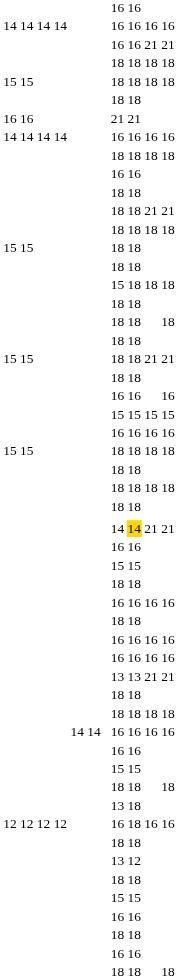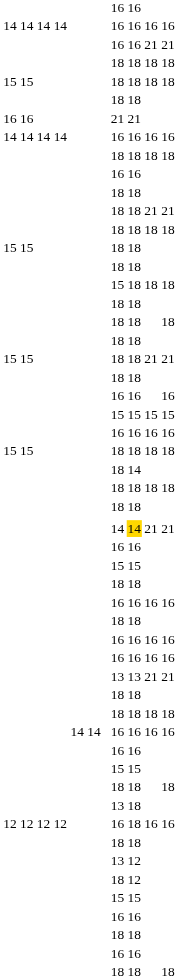 <table>
 <tr>
 </tr>
 <tr>
 <td></td>
 <td></td>
 <td></td>
 <td></td>
 <td></td>
 <td></td>
 <td></td>
 <td></td>
 <td></td>
 <td></td>
 <td>16</td>
 <td>16</td>
 <td></td>
 <td></td>
 <td></td>
 </tr>
 <tr>
 <td></td>
 <td></td>
 <td>14</td>
 <td>14</td>
 <td>14</td>
 <td>14</td>
 <td></td>
 <td></td>
 <td></td>
 <td></td>
 <td>16</td>
 <td>16</td>
 <td>16</td>
 <td>16</td>
 <td></td>
 </tr>
 <tr>
 <td></td>
 <td></td>
 <td></td>
 <td></td>
 <td></td>
 <td></td>
 <td></td>
 <td></td>
 <td></td>
 <td></td>
 <td>16</td>
 <td>16</td>
 <td>21</td>
 <td>21</td>
 <td></td>
 </tr>
 <tr>
 <td></td>
 <td></td>
 <td></td>
 <td></td>
 <td></td>
 <td></td>
 <td></td>
 <td></td>
 <td></td>
 <td></td>
 <td>18</td>
 <td>18</td>
 <td>18</td>
 <td>18</td>
 <td></td>
 </tr>
 <tr>
 <td></td>
 <td></td>
 <td>15</td>
 <td>15</td>
 <td></td>
 <td></td>
 <td></td>
 <td></td>
 <td></td>
 <td></td>
 <td>18</td>
 <td>18</td>
 <td>18</td>
 <td>18</td>
 <td></td>
 </tr>
 <tr>
 <td></td>
 <td></td>
 <td></td>
 <td></td>
 <td></td>
 <td></td>
 <td></td>
 <td></td>
 <td></td>
 <td></td>
 <td>18</td>
 <td>18</td>
 <td></td>
 <td></td>
 <td></td>
 </tr>
 <tr>
 <td></td>
 <td></td>
 <td>16</td>
 <td>16</td>
 <td></td>
 <td></td>
 <td></td>
 <td></td>
 <td></td>
 <td></td>
 <td>21</td>
 <td>21</td>
 <td></td>
 <td></td>
 <td></td>
 </tr>
 <tr>
 <td></td>
 <td></td>
 <td>14</td>
 <td>14</td>
 <td>14</td>
 <td>14</td>
 <td></td>
 <td></td>
 <td></td>
 <td></td>
 <td>16</td>
 <td>16</td>
 <td>16</td>
 <td>16</td>
 <td></td>
 </tr>
 <tr>
 <td></td>
 <td></td>
 <td></td>
 <td></td>
 <td></td>
 <td></td>
 <td></td>
 <td></td>
 <td></td>
 <td></td>
 <td>18</td>
 <td>18</td>
 <td>18</td>
 <td>18</td>
 <td></td>
 </tr>
 <tr>
 <td></td>
 <td></td>
 <td></td>
 <td></td>
 <td></td>
 <td></td>
 <td></td>
 <td></td>
 <td></td>
 <td></td>
 <td>16</td>
 <td>16</td>
 <td></td>
 <td></td>
 <td></td>
 </tr>
 <tr>
 <td></td>
 <td></td>
 <td></td>
 <td></td>
 <td></td>
 <td></td>
 <td></td>
 <td></td>
 <td></td>
 <td></td>
 <td>18</td>
 <td>18</td>
 <td></td>
 <td></td>
 <td></td>
 </tr>
 <tr>
 <td></td>
 <td></td>
 <td></td>
 <td></td>
 <td></td>
 <td></td>
 <td></td>
 <td></td>
 <td></td>
 <td></td>
 <td>18</td>
 <td>18</td>
 <td>21</td>
 <td>21</td>
 <td></td>
 </tr>
 <tr>
 <td></td>
 <td></td>
 <td></td>
 <td></td>
 <td></td>
 <td></td>
 <td></td>
 <td></td>
 <td></td>
 <td></td>
 <td>18</td>
 <td>18</td>
 <td>18</td>
 <td>18</td>
 <td></td>
 </tr>
 <tr>
 <td></td>
 <td></td>
 <td>15</td>
 <td>15</td>
 <td></td>
 <td></td>
 <td></td>
 <td></td>
 <td></td>
 <td></td>
 <td>18</td>
 <td>18</td>
 <td></td>
 <td></td>
 <td></td>
 </tr>
 <tr>
 <td></td>
 <td></td>
 <td></td>
 <td></td>
 <td></td>
 <td></td>
 <td></td>
 <td></td>
 <td></td>
 <td></td>
 <td>18</td>
 <td>18</td>
 <td></td>
 <td></td>
 <td></td>
 </tr>
 <tr>
 <td></td>
 <td></td>
 <td></td>
 <td></td>
 <td></td>
 <td></td>
 <td></td>
 <td></td>
 <td></td>
 <td></td>
 <td>15</td>
 <td>18</td>
 <td>18</td>
 <td>18</td>
 <td></td>
 </tr>
 <tr>
 <td></td>
 <td></td>
 <td></td>
 <td></td>
 <td></td>
 <td></td>
 <td></td>
 <td></td>
 <td></td>
 <td></td>
 <td>18</td>
 <td>18</td>
 <td></td>
 <td></td>
 <td></td>
 </tr>
 <tr>
 <td></td>
 <td></td>
 <td></td>
 <td></td>
 <td></td>
 <td></td>
 <td></td>
 <td></td>
 <td></td>
 <td></td>
 <td>18</td>
 <td>18</td>
 <td></td>
 <td>18</td>
 <td></td>
 </tr>
 <tr>
 <td></td>
 <td></td>
 <td></td>
 <td></td>
 <td></td>
 <td></td>
 <td></td>
 <td></td>
 <td></td>
 <td></td>
 <td>18</td>
 <td>18</td>
 <td></td>
 <td></td>
 <td></td>
 </tr>
 <tr>
 <td></td>
 <td></td>
 <td>15</td>
 <td>15</td>
 <td></td>
 <td></td>
 <td></td>
 <td></td>
 <td></td>
 <td></td>
 <td>18</td>
 <td>18</td>
 <td>21</td>
 <td>21</td>
 <td></td>
 </tr>
 <tr>
 <td></td>
 <td></td>
 <td></td>
 <td></td>
 <td></td>
 <td></td>
 <td></td>
 <td></td>
 <td></td>
 <td></td>
 <td>18</td>
 <td>18</td>
 <td></td>
 <td></td>
 <td></td>
 </tr>
 <tr>
 <td></td>
 <td></td>
 <td></td>
 <td></td>
 <td></td>
 <td></td>
 <td></td>
 <td></td>
 <td></td>
 <td></td>
 <td>16</td>
 <td>16</td>
 <td></td>
 <td>16</td>
 <td></td>
 </tr>
 <tr>
 <td></td>
 <td></td>
 <td></td>
 <td></td>
 <td></td>
 <td></td>
 <td></td>
 <td></td>
 <td></td>
 <td></td>
 <td>15</td>
 <td>15</td>
 <td>15</td>
 <td>15</td>
 <td></td>
 </tr>
 <tr>
 <td></td>
 <td></td>
 <td></td>
 <td></td>
 <td></td>
 <td></td>
 <td></td>
 <td></td>
 <td></td>
 <td></td>
 <td>16</td>
 <td>16</td>
 <td>16</td>
 <td>16</td>
 <td></td>
 </tr>
 <tr>
 <td></td>
 <td></td>
 <td>15</td>
 <td>15</td>
 <td></td>
 <td></td>
 <td></td>
 <td></td>
 <td></td>
 <td></td>
 <td>18</td>
 <td>18</td>
 <td>18</td>
 <td>18</td>
 <td></td>
 </tr>
 <tr>
 <td></td>
 <td></td>
 <td></td>
 <td></td>
 <td></td>
 <td></td>
 <td></td>
 <td></td>
 <td></td>
 <td></td>
 <td>18</td>
-<td>18</td>
+<td>14</td>
 <td></td>
 <td></td>
 <td></td>
 </tr>
 <tr>
 <td></td>
 <td></td>
 <td></td>
 <td></td>
 <td></td>
 <td></td>
 <td></td>
 <td></td>
 <td></td>
 <td></td>
 <td>18</td>
 <td>18</td>
 <td>18</td>
 <td>18</td>
 <td></td>
 </tr>
 <tr>
 <td></td>
 <td></td>
 <td></td>
 <td></td>
 <td></td>
 <td></td>
 <td></td>
 <td></td>
 <td></td>
 <td></td>
 <td>18</td>
 <td>18</td>
 <td></td>
 <td></td>
 <td></td>
 </tr>
 <tr>
 <td></td>
 <td></td>
 <td></td>
 <td></td>
 <td></td>
 <td></td>
 <td></td>
 <td></td>
 <td></td>
 <td></td>
 <td></td>
 <td></td>
 <td></td>
 <td></td>
 <td></td>
 </tr>
 <tr>
 <td></td>
 <td></td>
 <td></td>
 <td></td>
 <td></td>
 <td></td>
 <td></td>
 <td></td>
 <td></td>
 <td></td>
 <td>14</td>
 <td style="background: gold;">14</td>
 <td>21</td>
 <td>21</td>
 <td></td>
 </tr>
 <tr>
 <td></td>
 <td></td>
 <td></td>
 <td></td>
 <td></td>
 <td></td>
 <td></td>
 <td></td>
 <td></td>
 <td></td>
 <td>16</td>
 <td>16</td>
 <td></td>
 <td></td>
 <td></td>
 </tr>
 <tr>
 <td></td>
 <td></td>
 <td></td>
 <td></td>
 <td></td>
 <td></td>
 <td></td>
 <td></td>
 <td></td>
 <td></td>
 <td>15</td>
 <td>15</td>
 <td></td>
 <td></td>
 <td></td>
 </tr>
 <tr>
 <td></td>
 <td></td>
 <td></td>
 <td></td>
 <td></td>
 <td></td>
 <td></td>
 <td></td>
 <td></td>
 <td></td>
 <td>18</td>
 <td>18</td>
 <td></td>
 <td></td>
 <td></td>
 </tr>
 <tr>
 <td></td>
 <td></td>
 <td></td>
 <td></td>
 <td></td>
 <td></td>
 <td></td>
 <td></td>
 <td></td>
 <td></td>
 <td>16</td>
 <td>16</td>
 <td>16</td>
 <td>16</td>
 <td></td>
 </tr>
 <tr>
 <td></td>
 <td></td>
 <td></td>
 <td></td>
 <td></td>
 <td></td>
 <td></td>
 <td></td>
 <td></td>
 <td></td>
 <td>18</td>
 <td>18</td>
 <td></td>
 <td></td>
 <td></td>
 </tr>
 <tr>
 <td></td>
 <td></td>
 <td></td>
 <td></td>
 <td></td>
 <td></td>
 <td></td>
 <td></td>
 <td></td>
 <td></td>
 <td>16</td>
 <td>16</td>
 <td>16</td>
 <td>16</td>
 <td></td>
 </tr>
 <tr>
 <td></td>
 <td></td>
 <td></td>
 <td></td>
 <td></td>
 <td></td>
 <td></td>
 <td></td>
 <td></td>
 <td></td>
 <td>16</td>
 <td>16</td>
 <td>16</td>
 <td>16</td>
 <td></td>
 </tr>
 <tr>
 <td></td>
 <td></td>
 <td></td>
 <td></td>
 <td></td>
 <td></td>
 <td></td>
 <td></td>
 <td></td>
 <td></td>
 <td>13</td>
 <td>13</td>
 <td>21</td>
 <td>21</td>
 <td></td>
 </tr>
 <tr>
 <td></td>
 <td></td>
 <td></td>
 <td></td>
 <td></td>
 <td></td>
 <td></td>
 <td></td>
 <td></td>
 <td></td>
 <td>18</td>
 <td>18</td>
 <td></td>
 <td></td>
 <td></td>
 </tr>
 <tr>
 <td></td>
 <td></td>
 <td></td>
 <td></td>
 <td></td>
 <td></td>
 <td></td>
 <td></td>
 <td></td>
 <td></td>
 <td>18</td>
 <td>18</td>
 <td>18</td>
 <td>18</td>
 <td></td>
 </tr>
 <tr>
 <td></td>
 <td></td>
 <td></td>
 <td></td>
 <td></td>
 <td></td>
 <td>14</td>
 <td>14</td>
 <td></td>
 <td></td>
 <td>16</td>
 <td>16</td>
 <td>16</td>
 <td>16</td>
 <td></td>
 </tr>
 <tr>
 <td></td>
 <td></td>
 <td></td>
 <td></td>
 <td></td>
 <td></td>
 <td></td>
 <td></td>
 <td></td>
 <td></td>
 <td>16</td>
 <td>16</td>
 <td></td>
 <td></td>
 <td></td>
 </tr>
 <tr>
 <td></td>
 <td></td>
 <td></td>
 <td></td>
 <td></td>
 <td></td>
 <td></td>
 <td></td>
 <td></td>
 <td></td>
 <td>15</td>
 <td>15</td>
 <td></td>
 <td></td>
 <td></td>
 </tr>
 <tr>
 <td></td>
 <td></td>
 <td></td>
 <td></td>
 <td></td>
 <td></td>
 <td></td>
 <td></td>
 <td></td>
 <td></td>
 <td>18</td>
 <td>18</td>
 <td></td>
 <td>18</td>
 <td></td>
 </tr>
 <tr>
 <td></td>
 <td></td>
 <td></td>
 <td></td>
 <td></td>
 <td></td>
 <td></td>
 <td></td>
 <td></td>
 <td></td>
 <td>13</td>
 <td>18</td>
 <td></td>
 <td></td>
 <td></td>
 </tr>
 <tr>
 <td></td>
 <td></td>
 <td>12</td>
 <td>12</td>
 <td>12</td>
 <td>12</td>
 <td></td>
 <td></td>
 <td></td>
 <td></td>
 <td>16</td>
 <td>18</td>
 <td>16</td>
 <td>16</td>
 <td></td>
 </tr>
 <tr>
 <td></td>
 <td></td>
 <td></td>
 <td></td>
 <td></td>
 <td></td>
 <td></td>
 <td></td>
 <td></td>
 <td></td>
 <td>18</td>
 <td>18</td>
 <td></td>
 <td></td>
 <td></td>
 </tr>
 <tr>
 <td></td>
 <td></td>
 <td></td>
 <td></td>
 <td></td>
 <td></td>
 <td></td>
 <td></td>
 <td></td>
 <td></td>
 <td>13</td>
 <td>12</td>
 <td></td>
 <td></td>
 <td></td>
 </tr>
 <tr>
 <td></td>
 <td></td>
 <td></td>
 <td></td>
 <td></td>
 <td></td>
 <td></td>
 <td></td>
 <td></td>
 <td></td>
 <td>18</td>
-<td>18</td>
+<td>12</td>
 <td></td>
 <td></td>
 <td></td>
 </tr>
 <tr>
 <td></td>
 <td></td>
 <td></td>
 <td></td>
 <td></td>
 <td></td>
 <td></td>
 <td></td>
 <td></td>
 <td></td>
 <td>15</td>
 <td>15</td>
 <td></td>
 <td></td>
 <td></td>
 </tr>
 <tr>
 <td></td>
 <td></td>
 <td></td>
 <td></td>
 <td></td>
 <td></td>
 <td></td>
 <td></td>
 <td></td>
 <td></td>
 <td>16</td>
 <td>16</td>
 <td></td>
 <td></td>
 <td></td>
 </tr>
 <tr>
 <td></td>
 <td></td>
 <td></td>
 <td></td>
 <td></td>
 <td></td>
 <td></td>
 <td></td>
 <td></td>
 <td></td>
 <td>18</td>
 <td>18</td>
 <td></td>
 <td></td>
 <td></td>
 </tr>
 <tr>
 <td></td>
 <td></td>
 <td></td>
 <td></td>
 <td></td>
 <td></td>
 <td></td>
 <td></td>
 <td></td>
 <td></td>
 <td>16</td>
 <td>16</td>
 <td></td>
 <td></td>
 <td></td>
 </tr>
 <tr>
 <td></td>
 <td></td>
 <td></td>
 <td></td>
 <td></td>
 <td></td>
 <td></td>
 <td></td>
 <td></td>
 <td></td>
 <td>18</td>
 <td>18</td>
 <td></td>
 <td>18</td>
 <td><br></td>
 </tr>
 </table>
